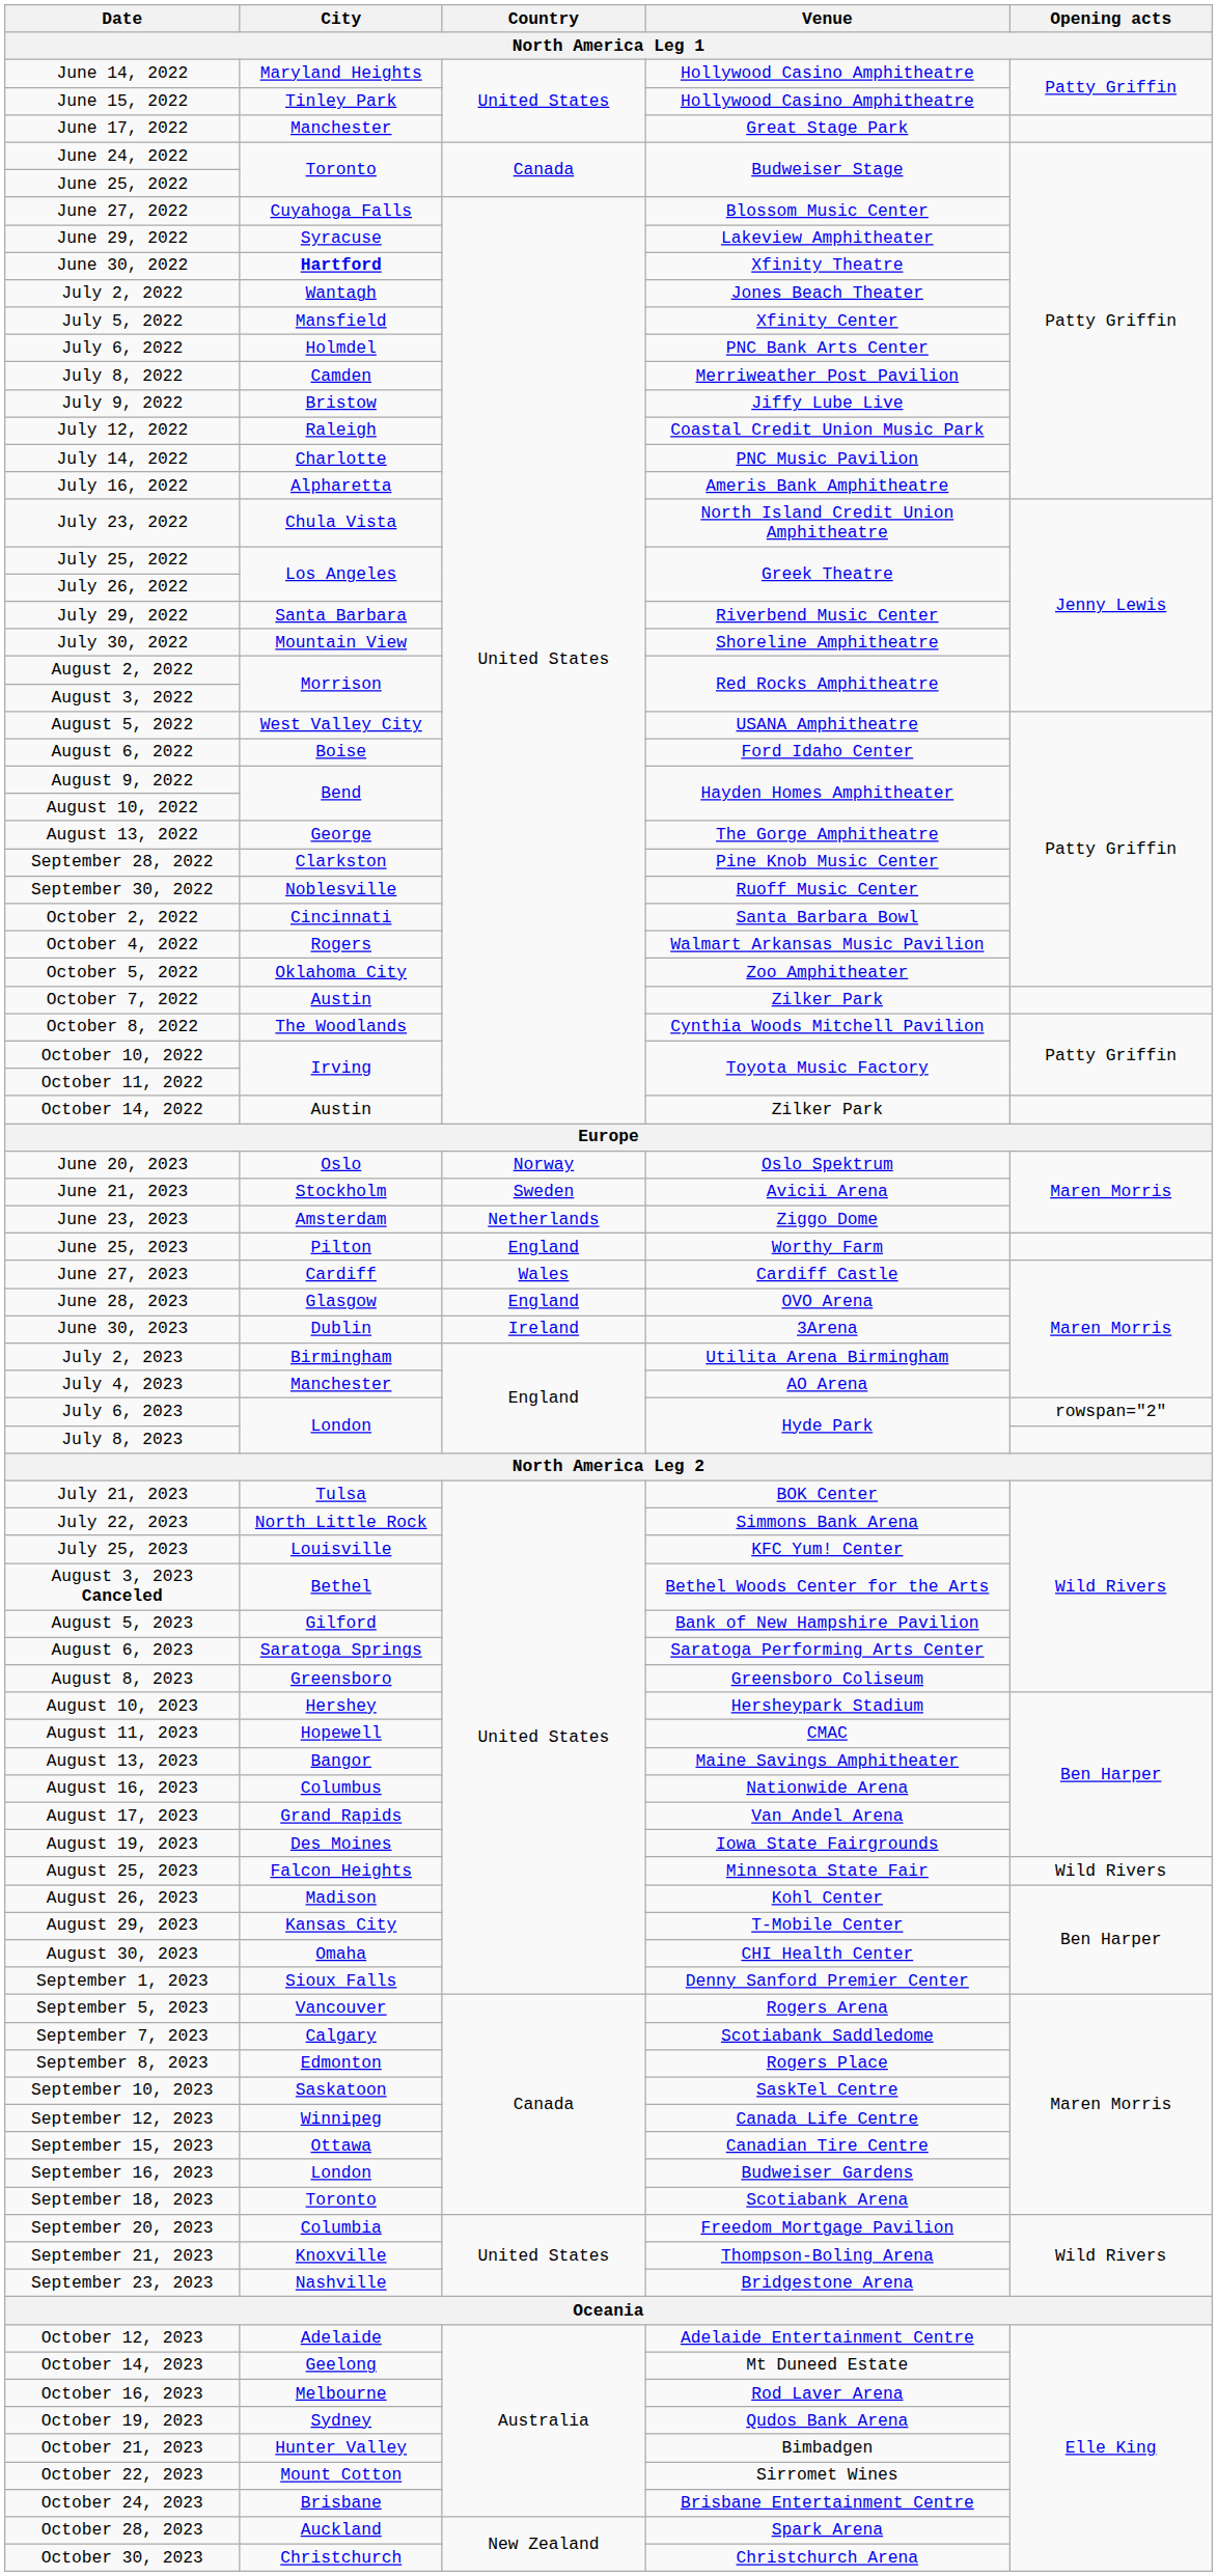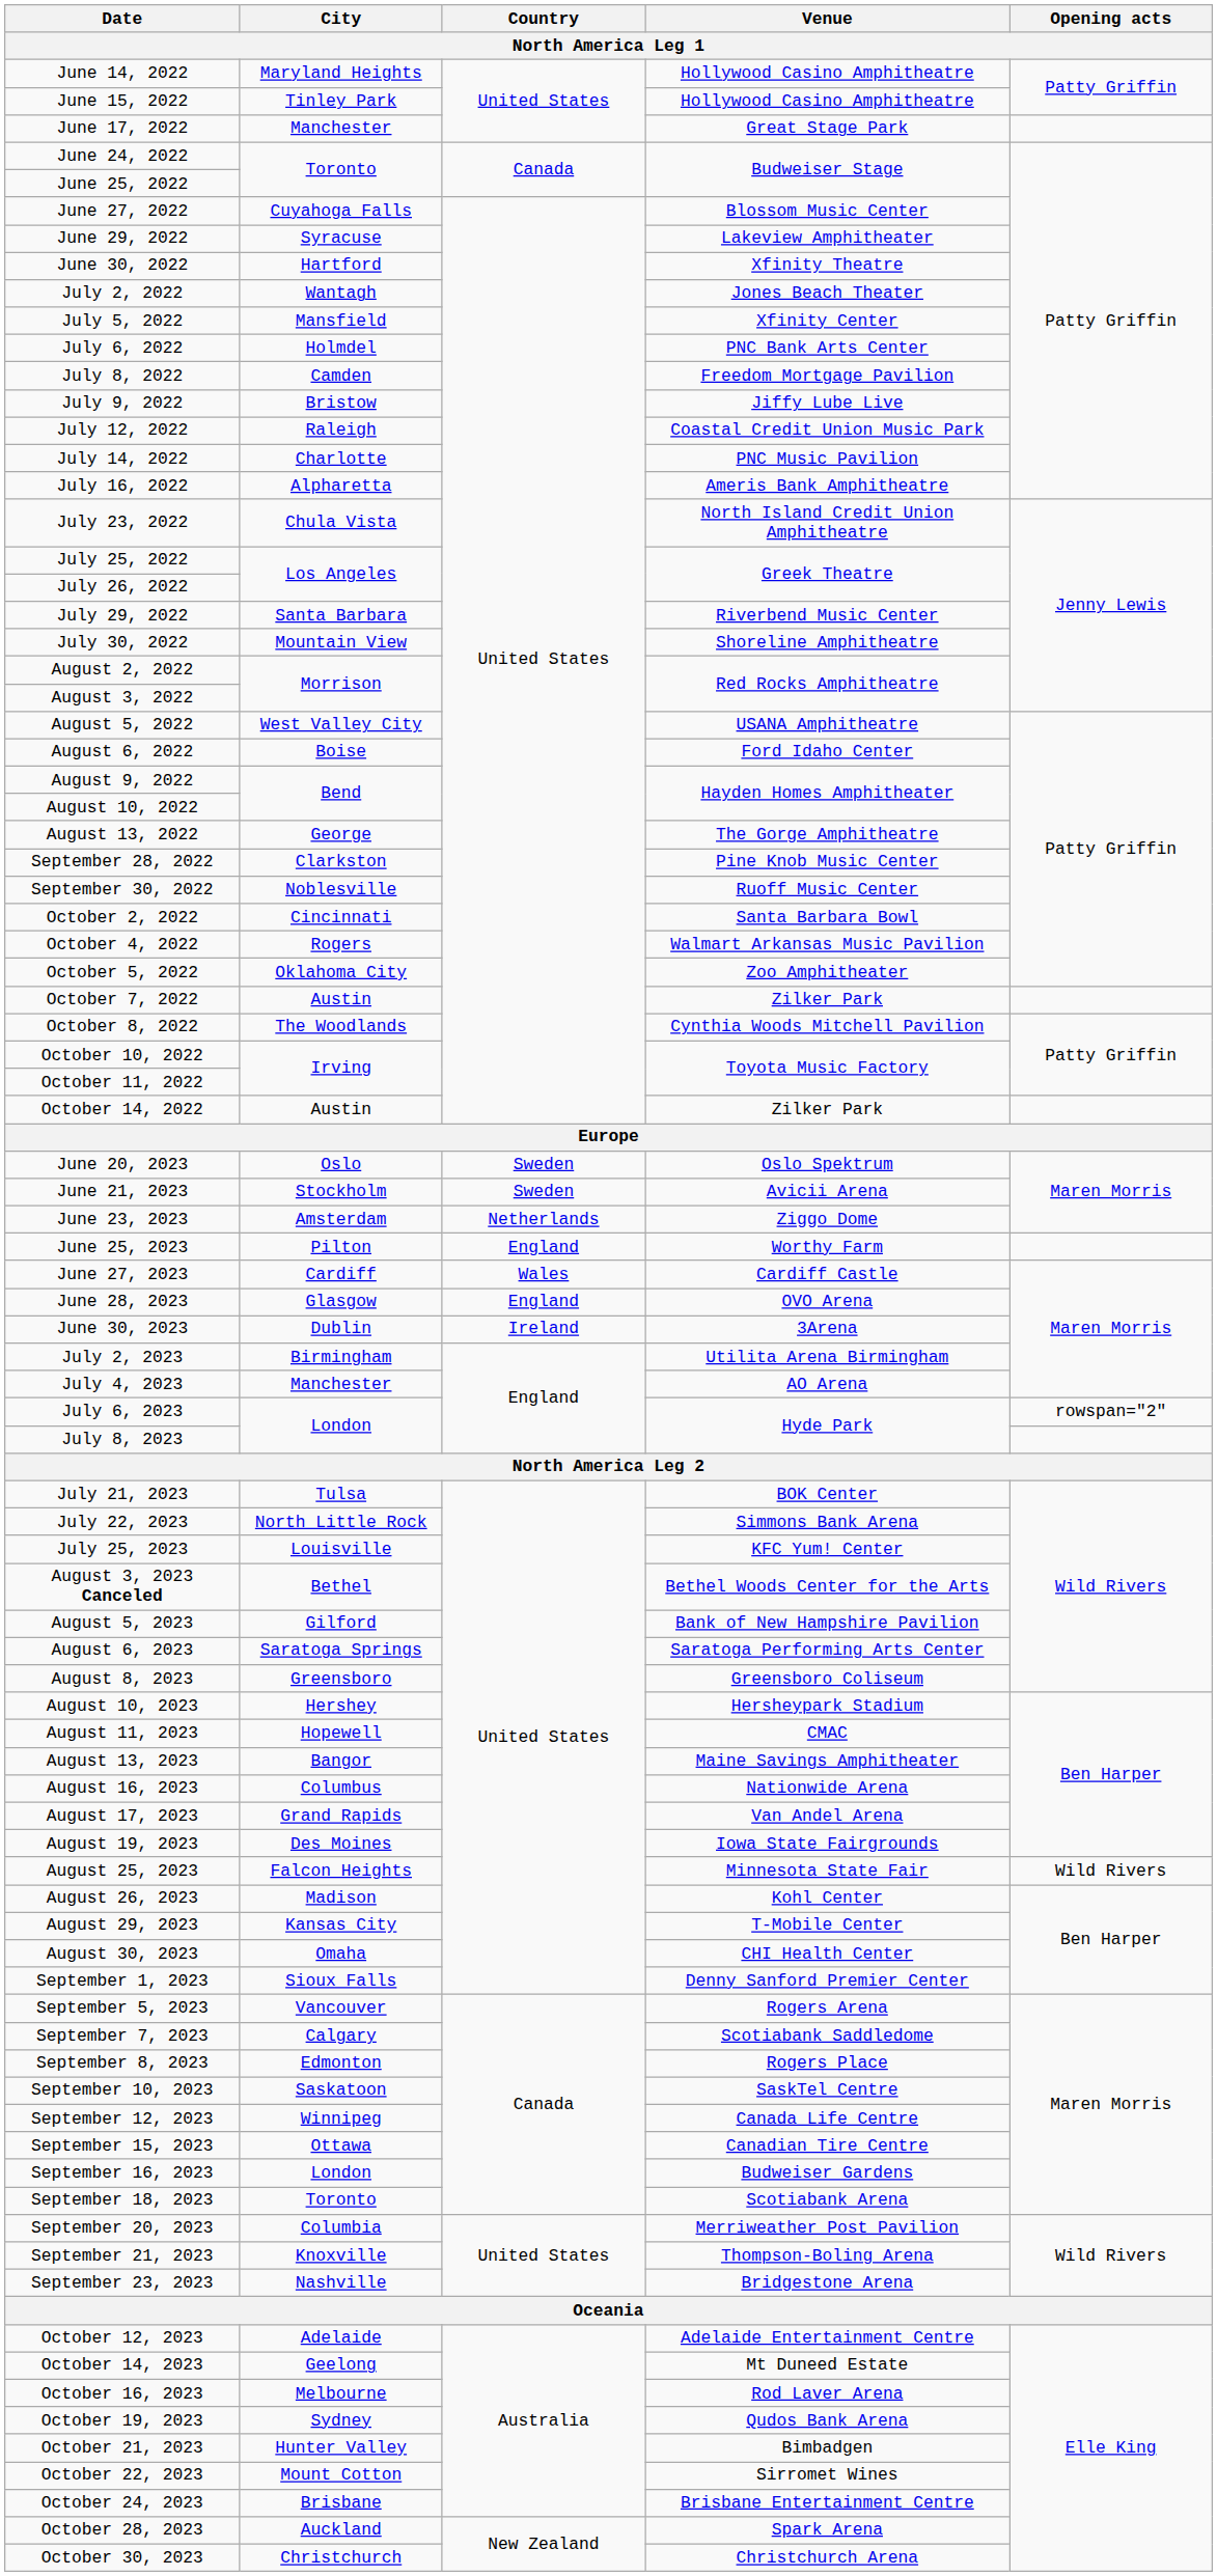 <table class="wikitable" style="text-align:center;">
 <tr>
 <th width="175">Date</th>
 <th width="150">City</th>
 <th width="150">Country</th>
 <th width="275">Venue</th>
 <th width="150">Opening acts</th>
 </tr>
 <tr>
 <th colspan="5">North America Leg 1 </th>
 </tr>
 <tr>
 <td>June 14, 2022</td>
 <td><a href='#'>Maryland Heights</a></td>
 <td rowspan=3><a href='#'>United States</a></td>
 <td><a href='#'>Hollywood Casino Amphitheatre</a></td>
 <td rowspan="2"><a href='#'>Patty Griffin</a></td>
 </tr>
 <tr>
 <td>June 15, 2022</td>
 <td><a href='#'>Tinley Park</a></td>
 <td><a href='#'>Hollywood Casino Amphitheatre</a></td>
 </tr>
 <tr>
 <td>June 17, 2022</td>
 <td><a href='#'>Manchester</a></td>
 <td><a href='#'>Great Stage Park</a></td>
 <td></td>
 </tr>
 <tr>
 <td>June 24, 2022</td>
 <td rowspan=2><a href='#'>Toronto</a></td>
 <td rowspan=2><a href='#'>Canada</a></td>
 <td rowspan=2><a href='#'>Budweiser Stage</a></td>
 <td rowspan="13">Patty Griffin</td>
 </tr>
 <tr>
 <td>June 25, 2022</td>
 </tr>
 <tr>
 <td>June 27, 2022</td>
 <td><a href='#'>Cuyahoga Falls</a></td>
 <td rowspan=33>United States</td>
 <td><a href='#'>Blossom Music Center</a></td>
 </tr>
 <tr>
 <td>June 29, 2022</td>
 <td><a href='#'>Syracuse</a></td>
 <td><a href='#'>Lakeview Amphitheater</a></td>
 </tr>
 <tr>
 <td>June 30, 2022</td>
-<td><strong><a href='#'>Hartford</a></strong></td>
+<td><a href='#'>Hartford</a></td>
 <td><a href='#'>Xfinity Theatre</a></td>
 </tr>
 <tr>
 <td>July 2, 2022</td>
 <td><a href='#'>Wantagh</a></td>
 <td><a href='#'>Jones Beach Theater</a></td>
 </tr>
 <tr>
 <td>July 5, 2022</td>
 <td><a href='#'>Mansfield</a></td>
 <td><a href='#'>Xfinity Center</a></td>
 </tr>
 <tr>
 <td>July 6, 2022</td>
 <td><a href='#'>Holmdel</a></td>
 <td><a href='#'>PNC Bank Arts Center</a></td>
 </tr>
 <tr>
 <td>July 8, 2022</td>
 <td><a href='#'>Camden</a></td>
-<td><a href='#'>Merriweather Post Pavilion</a></td>
+<td><a href='#'>Freedom Mortgage Pavilion</a></td>
 </tr>
 <tr>
 <td>July 9, 2022</td>
 <td><a href='#'>Bristow</a></td>
 <td><a href='#'>Jiffy Lube Live</a></td>
 </tr>
 <tr>
 <td>July 12, 2022</td>
 <td><a href='#'>Raleigh</a></td>
 <td><a href='#'>Coastal Credit Union Music Park</a></td>
 </tr>
 <tr>
 <td>July 14, 2022</td>
 <td><a href='#'>Charlotte</a></td>
 <td><a href='#'>PNC Music Pavilion</a></td>
 </tr>
 <tr>
 <td>July 16, 2022</td>
 <td><a href='#'>Alpharetta</a></td>
 <td><a href='#'>Ameris Bank Amphitheatre</a></td>
 </tr>
 <tr>
 <td>July 23, 2022</td>
 <td><a href='#'>Chula Vista</a></td>
 <td><a href='#'>North Island Credit Union Amphitheatre</a></td>
 <td rowspan=7><a href='#'>Jenny Lewis</a></td>
 </tr>
 <tr>
 <td>July 25, 2022</td>
 <td rowspan=2><a href='#'>Los Angeles</a></td>
 <td rowspan=2><a href='#'>Greek Theatre</a></td>
 </tr>
 <tr>
 <td>July 26, 2022</td>
 </tr>
 <tr>
 <td>July 29, 2022</td>
 <td><a href='#'>Santa Barbara</a></td>
 <td><a href='#'>Riverbend Music Center</a></td>
 </tr>
 <tr>
 <td>July 30, 2022</td>
 <td><a href='#'>Mountain View</a></td>
 <td><a href='#'>Shoreline Amphitheatre</a></td>
 </tr>
 <tr>
 <td>August 2, 2022</td>
 <td rowspan=2><a href='#'>Morrison</a></td>
 <td rowspan=2><a href='#'>Red Rocks Amphitheatre</a></td>
 </tr>
 <tr>
 <td>August 3, 2022</td>
 </tr>
 <tr>
 <td>August 5, 2022</td>
 <td><a href='#'>West Valley City</a></td>
 <td><a href='#'>USANA Amphitheatre</a></td>
 <td rowspan=10>Patty Griffin</td>
 </tr>
 <tr>
 <td>August 6, 2022</td>
 <td><a href='#'>Boise</a></td>
 <td><a href='#'>Ford Idaho Center</a></td>
 </tr>
 <tr>
 <td>August 9, 2022</td>
 <td rowspan=2><a href='#'>Bend</a></td>
 <td rowspan=2><a href='#'>Hayden Homes Amphitheater</a></td>
 </tr>
 <tr>
 <td>August 10, 2022</td>
 </tr>
 <tr>
 <td>August 13, 2022</td>
 <td><a href='#'>George</a></td>
 <td><a href='#'>The Gorge Amphitheatre</a></td>
 </tr>
 <tr>
 <td>September 28, 2022</td>
 <td><a href='#'>Clarkston</a></td>
 <td><a href='#'>Pine Knob Music Center</a></td>
 </tr>
 <tr>
 <td>September 30, 2022</td>
 <td><a href='#'>Noblesville</a></td>
 <td><a href='#'>Ruoff Music Center</a></td>
 </tr>
 <tr>
 <td>October 2, 2022</td>
 <td><a href='#'>Cincinnati</a></td>
 <td><a href='#'>Santa Barbara Bowl</a></td>
 </tr>
 <tr>
 <td>October 4, 2022</td>
 <td><a href='#'>Rogers</a></td>
 <td><a href='#'>Walmart Arkansas Music Pavilion</a></td>
 </tr>
 <tr>
 <td>October 5, 2022</td>
 <td><a href='#'>Oklahoma City</a></td>
 <td><a href='#'>Zoo Amphitheater</a></td>
 </tr>
 <tr>
 <td>October 7, 2022</td>
 <td><a href='#'>Austin</a></td>
 <td><a href='#'>Zilker Park</a></td>
 <td></td>
 </tr>
 <tr>
 <td>October 8, 2022</td>
 <td><a href='#'>The Woodlands</a></td>
 <td><a href='#'>Cynthia Woods Mitchell Pavilion</a></td>
 <td rowspan=3>Patty Griffin</td>
 </tr>
 <tr>
 <td>October 10, 2022</td>
 <td rowspan=2><a href='#'>Irving</a></td>
 <td rowspan=2><a href='#'>Toyota Music Factory</a></td>
 </tr>
 <tr>
 <td>October 11, 2022</td>
 </tr>
 <tr>
 <td>October 14, 2022</td>
 <td>Austin</td>
 <td>Zilker Park</td>
 <td></td>
 </tr>
 <tr>
 <th colspan="5">Europe</th>
 </tr>
 <tr>
 <td>June 20, 2023</td>
 <td><a href='#'>Oslo</a></td>
-<td><a href='#'>Norway</a></td>
+<td><a href='#'>Sweden</a></td>
 <td><a href='#'>Oslo Spektrum</a></td>
 <td rowspan="3"><a href='#'>Maren Morris</a></td>
 </tr>
 <tr>
 <td>June 21, 2023</td>
 <td><a href='#'>Stockholm</a></td>
 <td><a href='#'>Sweden</a></td>
 <td><a href='#'>Avicii Arena</a></td>
 </tr>
 <tr>
 <td>June 23, 2023</td>
 <td><a href='#'>Amsterdam</a></td>
 <td><a href='#'>Netherlands</a></td>
 <td><a href='#'>Ziggo Dome</a></td>
 </tr>
 <tr>
 <td>June 25, 2023</td>
 <td><a href='#'>Pilton</a></td>
 <td><a href='#'>England</a></td>
 <td><a href='#'>Worthy Farm</a></td>
 <td></td>
 </tr>
 <tr>
 <td>June 27, 2023</td>
 <td><a href='#'>Cardiff</a></td>
 <td><a href='#'>Wales</a></td>
 <td><a href='#'>Cardiff Castle</a></td>
 <td rowspan="5"><a href='#'>Maren Morris</a></td>
 </tr>
 <tr>
 <td>June 28, 2023</td>
 <td><a href='#'>Glasgow</a></td>
 <td><a href='#'>England</a></td>
 <td><a href='#'>OVO Arena</a></td>
 </tr>
 <tr>
 <td>June 30, 2023</td>
 <td><a href='#'>Dublin</a></td>
 <td><a href='#'>Ireland</a></td>
 <td><a href='#'>3Arena</a></td>
 </tr>
 <tr>
 <td>July 2, 2023</td>
 <td><a href='#'>Birmingham</a></td>
 <td rowspan="4">England</td>
 <td><a href='#'>Utilita Arena Birmingham</a></td>
 </tr>
 <tr>
 <td>July 4, 2023</td>
 <td><a href='#'>Manchester</a></td>
 <td><a href='#'>AO Arena</a></td>
 </tr>
 <tr>
 <td>July 6, 2023</td>
 <td rowspan="2"><a href='#'>London</a></td>
 <td rowspan="2"><a href='#'>Hyde Park</a></td>
 <td>rowspan="2" </td>
 </tr>
 <tr>
 <td>July 8, 2023</td>
 </tr>
 <tr>
 <th colspan="5">North America Leg 2</th>
 </tr>
 <tr>
 <td>July 21, 2023</td>
 <td><a href='#'>Tulsa</a></td>
 <td rowspan="18">United States</td>
 <td><a href='#'>BOK Center</a></td>
 <td rowspan="7"><a href='#'>Wild Rivers</a></td>
 </tr>
 <tr>
 <td>July 22, 2023</td>
 <td><a href='#'>North Little Rock</a></td>
 <td><a href='#'>Simmons Bank Arena</a></td>
 </tr>
 <tr>
 <td>July 25, 2023</td>
 <td><a href='#'>Louisville</a></td>
 <td><a href='#'>KFC Yum! Center</a></td>
 </tr>
 <tr>
 <td>August 3, 2023 <strong>Canceled</strong></td>
 <td><a href='#'>Bethel</a></td>
 <td><a href='#'>Bethel Woods Center for the Arts</a></td>
 </tr>
 <tr>
 <td>August 5, 2023</td>
 <td><a href='#'>Gilford</a></td>
 <td><a href='#'>Bank of New Hampshire Pavilion</a></td>
 </tr>
 <tr>
 <td>August 6, 2023</td>
 <td><a href='#'>Saratoga Springs</a></td>
 <td><a href='#'>Saratoga Performing Arts Center</a></td>
 </tr>
 <tr>
 <td>August 8, 2023</td>
 <td><a href='#'>Greensboro</a></td>
 <td><a href='#'>Greensboro Coliseum</a></td>
 </tr>
 <tr>
 <td>August 10, 2023</td>
 <td><a href='#'>Hershey</a></td>
 <td><a href='#'>Hersheypark Stadium</a></td>
 <td rowspan="6"><a href='#'>Ben Harper</a></td>
 </tr>
 <tr>
 <td>August 11, 2023</td>
 <td><a href='#'>Hopewell</a></td>
 <td><a href='#'>CMAC</a></td>
 </tr>
 <tr>
 <td>August 13, 2023</td>
 <td><a href='#'>Bangor</a></td>
 <td><a href='#'>Maine Savings Amphitheater</a></td>
 </tr>
 <tr>
 <td>August 16, 2023</td>
 <td><a href='#'>Columbus</a></td>
 <td><a href='#'>Nationwide Arena</a></td>
 </tr>
 <tr>
 <td>August 17, 2023</td>
 <td><a href='#'>Grand Rapids</a></td>
 <td><a href='#'>Van Andel Arena</a></td>
 </tr>
 <tr>
 <td>August 19, 2023</td>
 <td><a href='#'>Des Moines</a></td>
 <td><a href='#'>Iowa State Fairgrounds</a></td>
 </tr>
 <tr>
 <td>August 25, 2023 </td>
 <td><a href='#'>Falcon Heights</a></td>
 <td><a href='#'>Minnesota State Fair</a></td>
 <td>Wild Rivers</td>
 </tr>
 <tr>
 <td>August 26, 2023</td>
 <td><a href='#'>Madison</a></td>
 <td><a href='#'>Kohl Center</a></td>
 <td rowspan="4">Ben Harper</td>
 </tr>
 <tr>
 <td>August 29, 2023</td>
 <td><a href='#'>Kansas City</a></td>
 <td><a href='#'>T-Mobile Center</a></td>
 </tr>
 <tr>
 <td>August 30, 2023</td>
 <td><a href='#'>Omaha</a></td>
 <td><a href='#'>CHI Health Center</a></td>
 </tr>
 <tr>
 <td>September 1, 2023</td>
 <td><a href='#'>Sioux Falls</a></td>
 <td><a href='#'>Denny Sanford Premier Center</a></td>
 </tr>
 <tr>
 <td>September 5, 2023</td>
 <td><a href='#'>Vancouver</a></td>
 <td rowspan="8">Canada</td>
 <td><a href='#'>Rogers Arena</a></td>
 <td rowspan="8">Maren Morris</td>
 </tr>
 <tr>
 <td>September 7, 2023</td>
 <td><a href='#'>Calgary</a></td>
 <td><a href='#'>Scotiabank Saddledome</a></td>
 </tr>
 <tr>
 <td>September 8, 2023</td>
 <td><a href='#'>Edmonton</a></td>
 <td><a href='#'>Rogers Place</a></td>
 </tr>
 <tr>
 <td>September 10, 2023</td>
 <td><a href='#'>Saskatoon</a></td>
 <td><a href='#'>SaskTel Centre</a></td>
 </tr>
 <tr>
 <td>September 12, 2023</td>
 <td><a href='#'>Winnipeg</a></td>
 <td><a href='#'>Canada Life Centre</a></td>
 </tr>
 <tr>
 <td>September 15, 2023</td>
 <td><a href='#'>Ottawa</a></td>
 <td><a href='#'>Canadian Tire Centre</a></td>
 </tr>
 <tr>
 <td>September 16, 2023</td>
 <td><a href='#'>London</a></td>
 <td><a href='#'>Budweiser Gardens</a></td>
 </tr>
 <tr>
 <td>September 18, 2023</td>
 <td><a href='#'>Toronto</a></td>
 <td><a href='#'>Scotiabank Arena</a></td>
 </tr>
 <tr>
 <td>September 20, 2023</td>
 <td><a href='#'>Columbia</a></td>
 <td rowspan="3">United States</td>
-<td><a href='#'>Freedom Mortgage Pavilion</a></td>
+<td><a href='#'>Merriweather Post Pavilion</a></td>
 <td rowspan="3">Wild Rivers</td>
 </tr>
 <tr>
 <td>September 21, 2023</td>
 <td><a href='#'>Knoxville</a></td>
 <td><a href='#'>Thompson-Boling Arena</a></td>
 </tr>
 <tr>
 <td>September 23, 2023</td>
 <td><a href='#'>Nashville</a></td>
 <td><a href='#'>Bridgestone Arena</a></td>
 </tr>
 <tr>
 <th colspan="5">Oceania  </th>
 </tr>
 <tr>
 <td>October 12, 2023</td>
 <td><a href='#'>Adelaide</a></td>
 <td rowspan="7">Australia</td>
 <td><a href='#'>Adelaide Entertainment Centre</a></td>
 <td rowspan="9"><a href='#'>Elle King</a></td>
 </tr>
 <tr>
 <td>October 14, 2023</td>
 <td><a href='#'>Geelong</a></td>
 <td>Mt Duneed Estate</td>
 </tr>
 <tr>
 <td>October 16, 2023</td>
 <td><a href='#'>Melbourne</a></td>
 <td><a href='#'>Rod Laver Arena</a></td>
 </tr>
 <tr>
 <td>October 19, 2023</td>
 <td><a href='#'>Sydney</a></td>
 <td><a href='#'>Qudos Bank Arena</a></td>
 </tr>
 <tr>
 <td>October 21, 2023</td>
 <td><a href='#'>Hunter Valley</a></td>
 <td>Bimbadgen</td>
 </tr>
 <tr>
 <td>October 22, 2023</td>
 <td><a href='#'>Mount Cotton</a></td>
 <td>Sirromet Wines</td>
 </tr>
 <tr>
 <td>October 24, 2023</td>
 <td><a href='#'>Brisbane</a></td>
 <td><a href='#'>Brisbane Entertainment Centre</a></td>
 </tr>
 <tr>
 <td>October 28, 2023</td>
 <td><a href='#'>Auckland</a></td>
 <td rowspan="2">New Zealand</td>
 <td><a href='#'>Spark Arena</a></td>
 </tr>
 <tr>
 <td>October 30, 2023</td>
 <td><a href='#'>Christchurch</a></td>
 <td><a href='#'>Christchurch Arena</a></td>
 </tr>
 </table>
